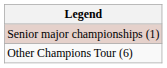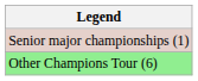 <table class="wikitable" style="font-size:95%;">
 <tr>
 <th>Legend</th>
 </tr>
 <tr style="background:#e5d1cb;">
 <td>Senior major championships (1)</td>
 </tr>
 <tr>
-<td>Other Champions Tour (6)</td>
+<td style="background: lightgreen;">Other Champions Tour (6)</td>
 </tr>
 </table>
